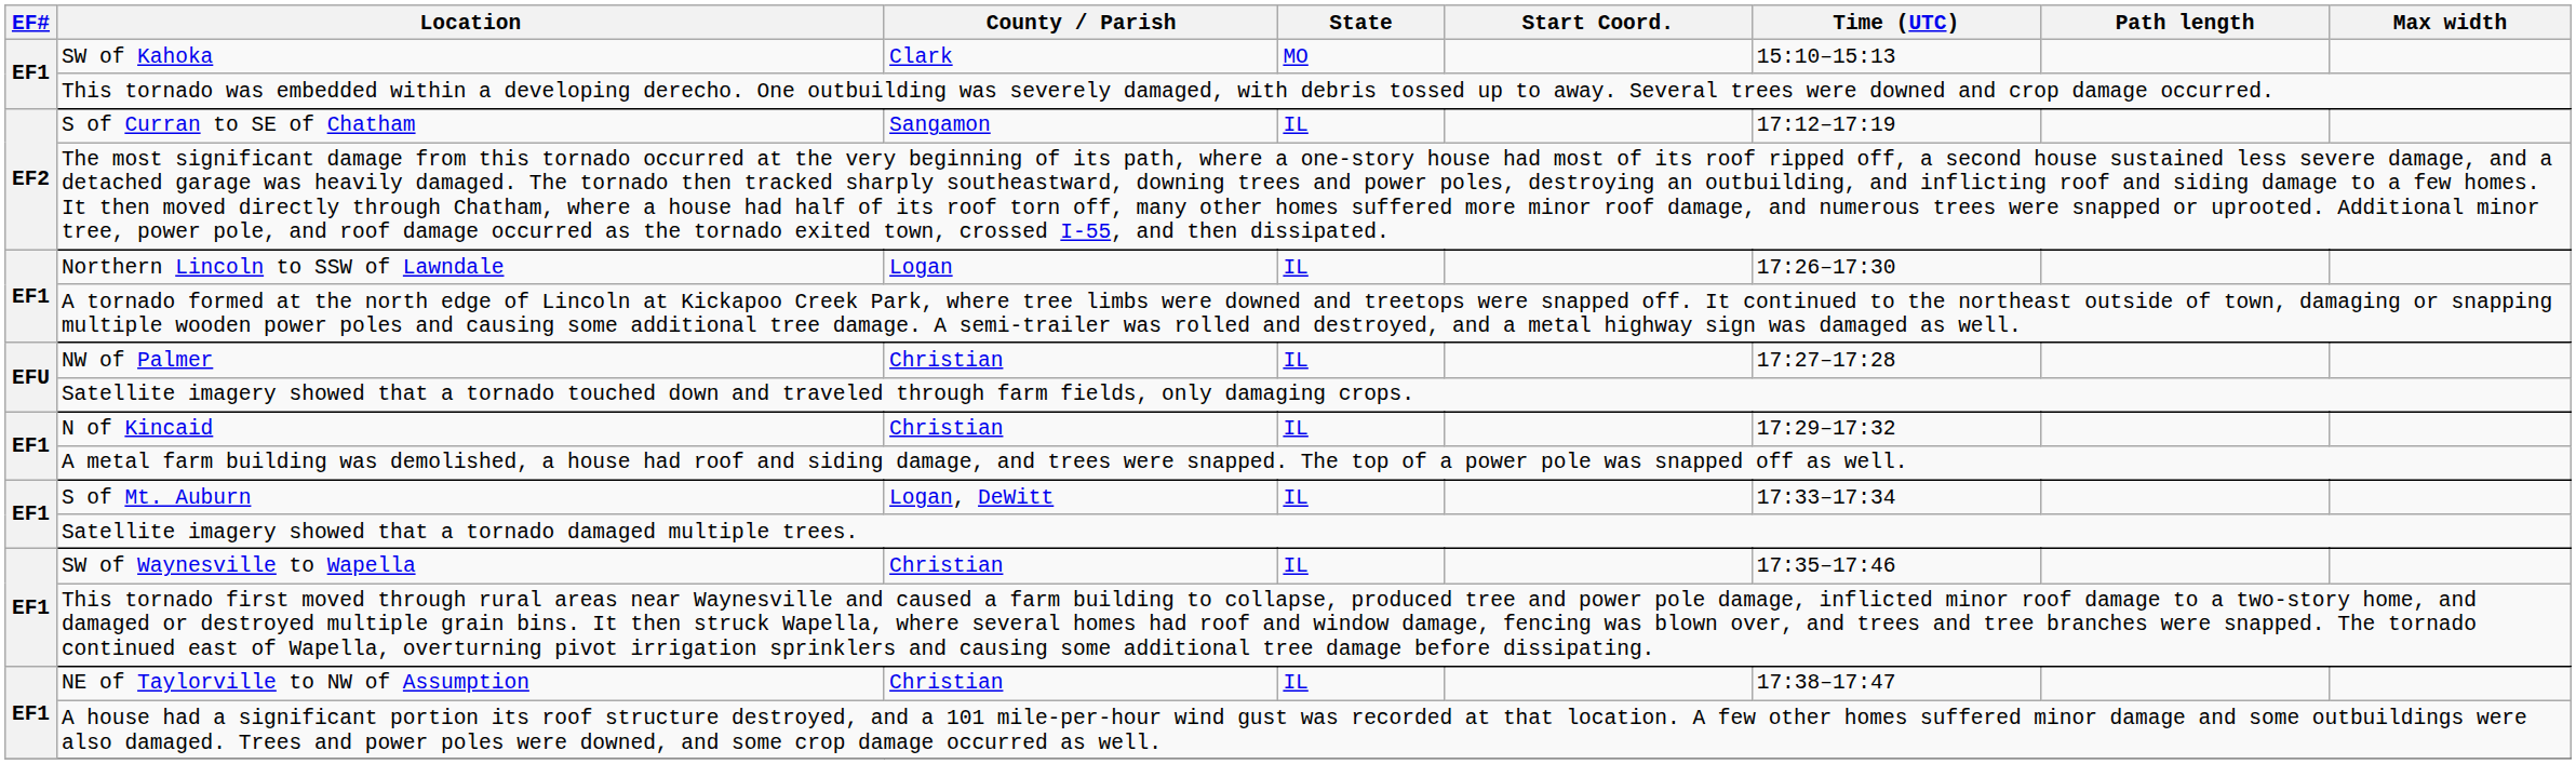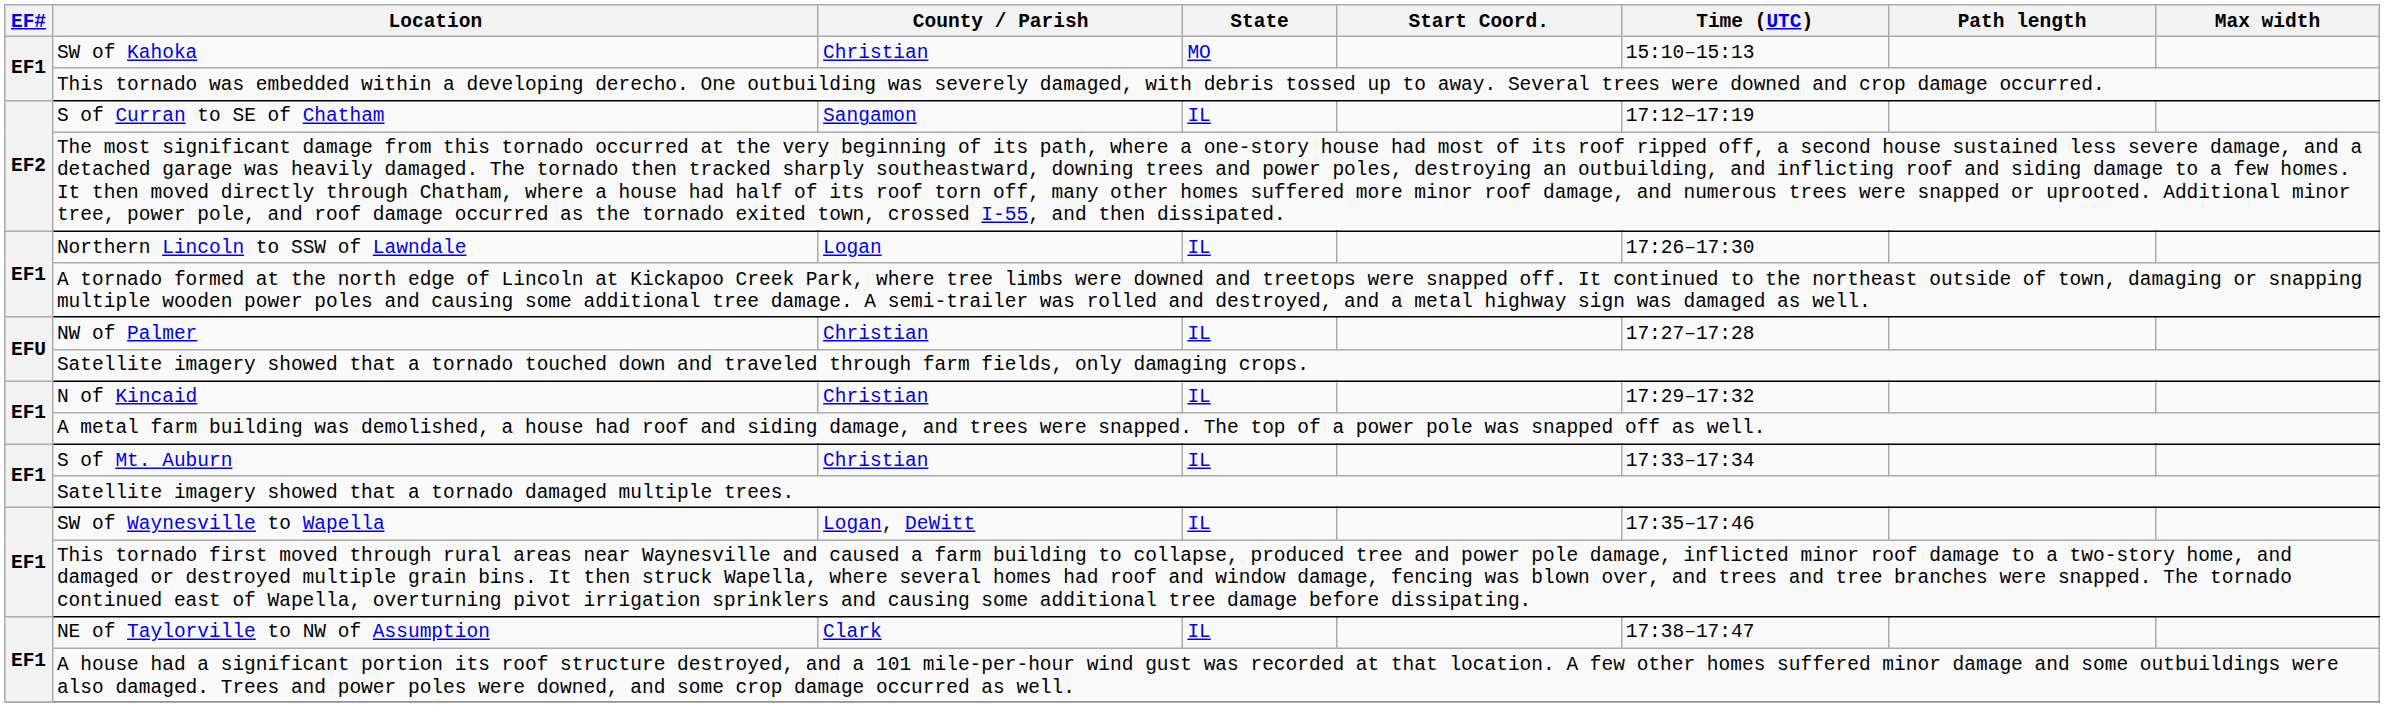 <table class="wikitable sortable" style="width:100%;">
 <tr>
 <th scope="col" width="2%" align="center"><a href='#'>EF#</a></th>
 <th scope="col" align="center" class="unsortable">Location</th>
 <th scope="col" align="center" class="unsortable">County / Parish</th>
 <th scope="col" align="center">State</th>
 <th scope="col" align="center">Start Coord.</th>
 <th scope="col" align="center">Time (<a href='#'>UTC</a>)</th>
 <th scope="col" align="center">Path length</th>
 <th scope="col" align="center">Max width</th>
 </tr>
 <tr>
 <th scope="row" rowspan="2" style="background-color:#">EF1</th>
 <td>SW of <a href='#'>Kahoka</a></td>
-<td><a href='#'>Clark</a></td>
+<td><a href='#'>Christian</a></td>
 <td><a href='#'>MO</a></td>
 <td></td>
 <td>15:10–15:13</td>
 <td></td>
 <td></td>
 </tr>
 <tr class="expand-child">
 <td colspan="8" style=" border-bottom: 1px solid black;">This tornado was embedded within a developing derecho. One outbuilding was severely damaged, with debris tossed up to  away. Several trees were downed and crop damage occurred.</td>
 </tr>
 <tr>
 <th scope="row" rowspan="2" style="background-color:#">EF2</th>
 <td>S of <a href='#'>Curran</a> to SE of <a href='#'>Chatham</a></td>
 <td><a href='#'>Sangamon</a></td>
 <td><a href='#'>IL</a></td>
 <td></td>
 <td>17:12–17:19</td>
 <td></td>
 <td></td>
 </tr>
 <tr class="expand-child">
 <td colspan="8" style=" border-bottom: 1px solid black;">The most significant damage from this tornado occurred at the very beginning of its path, where a one-story house had most of its roof ripped off, a second house sustained less severe damage, and a detached garage was heavily damaged. The tornado then tracked sharply southeastward, downing trees and power poles, destroying an outbuilding, and inflicting roof and siding damage to a few homes. It then moved directly through Chatham, where a house had half of its roof torn off, many other homes suffered more minor roof damage, and numerous trees were snapped or uprooted. Additional minor tree, power pole, and roof damage occurred as the tornado exited town, crossed <a href='#'>I-55</a>, and then dissipated.</td>
 </tr>
 <tr>
 <th scope="row" rowspan="2" style="background-color:#">EF1</th>
 <td>Northern <a href='#'>Lincoln</a> to SSW of <a href='#'>Lawndale</a></td>
 <td><a href='#'>Logan</a></td>
 <td><a href='#'>IL</a></td>
 <td></td>
 <td>17:26–17:30</td>
 <td></td>
 <td></td>
 </tr>
 <tr class="expand-child">
 <td colspan="8" style=" border-bottom: 1px solid black;">A tornado formed at the north edge of Lincoln at Kickapoo Creek Park, where tree limbs were downed and treetops were snapped off. It continued to the northeast outside of town, damaging or snapping multiple wooden power poles and causing some additional tree damage. A semi-trailer was rolled and destroyed, and a metal highway sign was damaged as well.</td>
 </tr>
 <tr>
 <th scope="row" rowspan="2" style="background-color:#">EFU</th>
 <td>NW of <a href='#'>Palmer</a></td>
 <td><a href='#'>Christian</a></td>
 <td><a href='#'>IL</a></td>
 <td></td>
 <td>17:27–17:28</td>
 <td></td>
 <td></td>
 </tr>
 <tr class="expand-child">
 <td colspan="8" style=" border-bottom: 1px solid black;">Satellite imagery showed that a tornado touched down and traveled through farm fields, only damaging crops.</td>
 </tr>
 <tr>
 <th scope="row" rowspan="2" style="background-color:#">EF1</th>
 <td>N of <a href='#'>Kincaid</a></td>
 <td><a href='#'>Christian</a></td>
 <td><a href='#'>IL</a></td>
 <td></td>
 <td>17:29–17:32</td>
 <td></td>
 <td></td>
 </tr>
 <tr class="expand-child">
 <td colspan="8" style=" border-bottom: 1px solid black;">A metal farm building was demolished, a house had roof and siding damage, and trees were snapped. The top of a power pole was snapped off as well.</td>
 </tr>
 <tr>
 <th scope="row" rowspan="2" style="background-color:#">EF1</th>
 <td>S of <a href='#'>Mt. Auburn</a></td>
-<td><a href='#'>Logan</a>, <a href='#'>DeWitt</a></td>
+<td><a href='#'>Christian</a></td>
 <td><a href='#'>IL</a></td>
 <td></td>
 <td>17:33–17:34</td>
 <td></td>
 <td></td>
 </tr>
 <tr class="expand-child">
 <td colspan="8" style=" border-bottom: 1px solid black;">Satellite imagery showed that a tornado damaged multiple trees.</td>
 </tr>
 <tr>
 <th scope="row" rowspan="2" style="background-color:#">EF1</th>
 <td>SW of <a href='#'>Waynesville</a> to <a href='#'>Wapella</a></td>
-<td><a href='#'>Christian</a></td>
+<td><a href='#'>Logan</a>, <a href='#'>DeWitt</a></td>
 <td><a href='#'>IL</a></td>
 <td></td>
 <td>17:35–17:46</td>
 <td></td>
 <td></td>
 </tr>
 <tr class="expand-child">
 <td colspan="8" style=" border-bottom: 1px solid black;">This tornado first moved through rural areas near Waynesville and caused a farm building to collapse, produced tree and power pole damage, inflicted minor roof damage to a two-story home, and damaged or destroyed multiple grain bins. It then struck Wapella, where several homes had roof and window damage, fencing was blown over, and trees and tree branches were snapped. The tornado continued east of Wapella, overturning pivot irrigation sprinklers and causing some additional tree damage before dissipating.</td>
 </tr>
 <tr>
 <th scope="row" rowspan="2" style="background-color:#">EF1</th>
 <td>NE of <a href='#'>Taylorville</a> to NW of <a href='#'>Assumption</a></td>
-<td><a href='#'>Christian</a></td>
+<td><a href='#'>Clark</a></td>
 <td><a href='#'>IL</a></td>
 <td></td>
 <td>17:38–17:47</td>
 <td></td>
 <td></td>
 </tr>
 <tr class="expand-child">
 <td colspan="8" style=" border-bottom: 1px solid black;">A house had a significant portion its roof structure destroyed, and a 101 mile-per-hour wind gust was recorded at that location. A few other homes suffered minor damage and some outbuildings were also damaged. Trees and power poles were downed, and some crop damage occurred as well.</td>
 </tr>
 <tr>
 </tr>
 </table>
